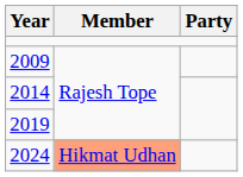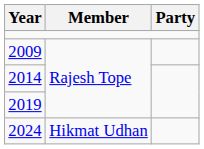 <table class="wikitable">
 <tr>
 <th>Year</th>
 <th>Member</th>
 <th colspan=2>Party</th>
 </tr>
 <tr>
 <td colspan="4"></td>
 </tr>
 <tr>
 <td><a href='#'>2009</a></td>
 <td rowspan=3><a href='#'>Rajesh Tope</a></td>
 <td></td>
 </tr>
 <tr>
 <td><a href='#'>2014</a></td>
 </tr>
 <tr>
 <td><a href='#'>2019</a></td>
 </tr>
 <tr>
 <td><a href='#'>2024</a></td>
-<td style="background: lightsalmon;"><a href='#'>Hikmat Udhan</a></td>
+<td><a href='#'>Hikmat Udhan</a></td>
 <td></td>
 </tr>
 </table>
